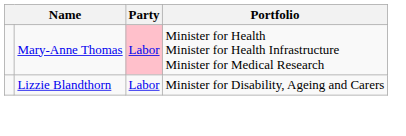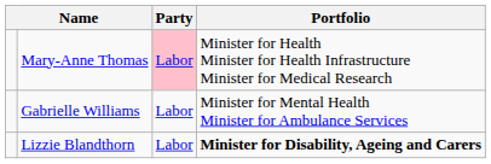 <table class="wikitable">
 <tr>
 <th colspan="2">Name</th>
 <th>Party</th>
 <th>Portfolio</th>
 </tr>
 <tr>
 <td style="background:"></td>
 <td><a href='#'>Mary-Anne Thomas</a></td>
 <td style="background: pink;"><a href='#'>Labor</a></td>
 <td>Minister for Health<br>Minister for Health Infrastructure<br>Minister for Medical Research</td>
 </tr>
 <tr>
+<td style="background:"></td>
+<td><a href='#'>Gabrielle Williams</a></td>
+<td><a href='#'>Labor</a></td>
+<td>Minister for Mental Health<br><a href='#'>Minister for Ambulance Services</a></td>
+</tr>
+<tr>
 <td width=5px style="color:inherit;background:"></td>
 <td><a href='#'>Lizzie Blandthorn</a></td>
 <td><a href='#'>Labor</a></td>
-<td>Minister for Disability, Ageing and Carers</td>
+<td><strong>Minister for Disability, Ageing and Carers</strong></td>
 </tr>
 </table>
